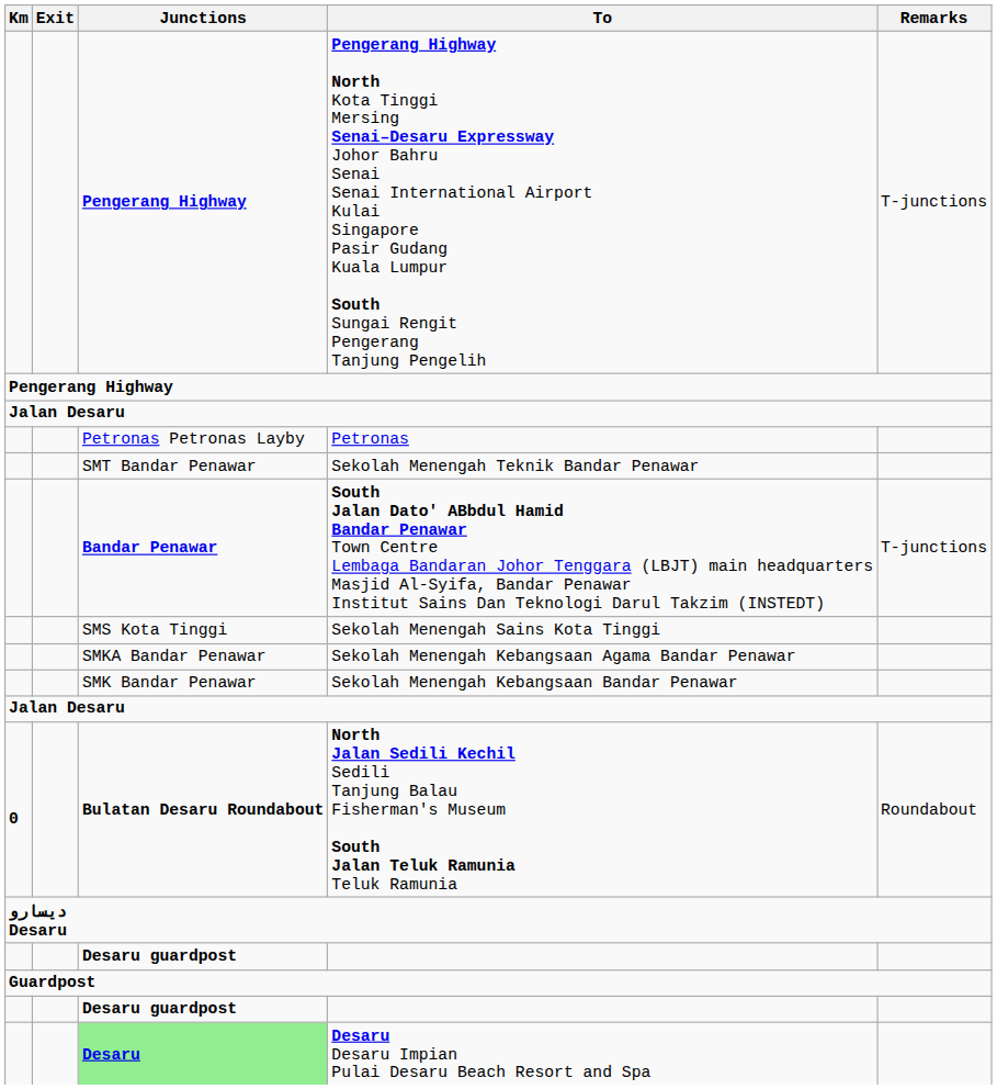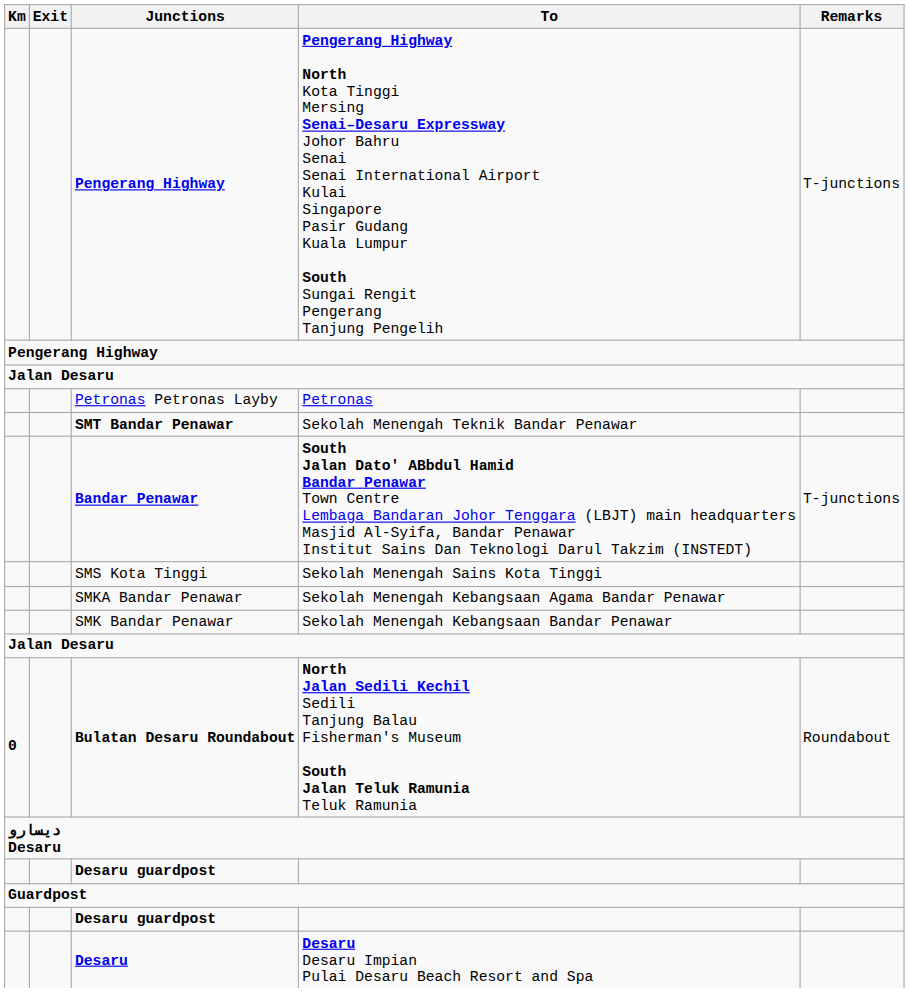 <table class="wikitable">
 <tr>
 <th>Km</th>
 <th>Exit</th>
 <th>Junctions</th>
 <th>To</th>
 <th>Remarks</th>
 </tr>
 <tr>
 <td></td>
 <td></td>
 <td> <strong><a href='#'>Pengerang Highway</a></strong></td>
 <td> <strong><a href='#'>Pengerang Highway</a></strong><br><br><strong>North</strong><br> Kota Tinggi<br>  Mersing<br> <strong><a href='#'>Senai–Desaru Expressway</a></strong><br>  Johor Bahru<br> Senai<br> Senai International Airport <br> Kulai<br>    Singapore<br> Pasir Gudang<br>  Kuala Lumpur<br><br><strong>South</strong><br> Sungai Rengit<br> Pengerang<br> Tanjung Pengelih</td>
 <td>T-junctions</td>
 </tr>
 <tr>
 <td style="width:600px" colspan="6" style="text-align:center; background:blue;"><strong><span> Pengerang Highway</span></strong></td>
 </tr>
 <tr>
 <td style="width:600px" colspan="6" style="text-align:center; background:blue;"><strong><span> Jalan Desaru</span></strong></td>
 </tr>
 <tr>
 <td></td>
 <td></td>
 <td> <a href='#'>Petronas</a> Petronas Layby</td>
 <td>  <a href='#'>Petronas</a></td>
 <td></td>
 </tr>
 <tr>
 <td></td>
 <td></td>
-<td>SMT Bandar Penawar</td>
+<td><strong>SMT Bandar Penawar</strong></td>
 <td>Sekolah Menengah Teknik Bandar Penawar</td>
 <td></td>
 </tr>
 <tr>
 <td></td>
 <td></td>
 <td><strong><a href='#'>Bandar Penawar</a></strong></td>
 <td><strong>South</strong><br><strong>Jalan Dato' ABbdul Hamid</strong><br><strong><a href='#'>Bandar Penawar</a></strong><br>Town Centre<br><a href='#'>Lembaga Bandaran Johor Tenggara</a> (LBJT) main headquarters<br>Masjid Al-Syifa, Bandar Penawar<br>Institut Sains Dan Teknologi Darul Takzim (INSTEDT) </td>
 <td>T-junctions</td>
 </tr>
 <tr>
 <td></td>
 <td></td>
 <td>SMS Kota Tinggi</td>
 <td>Sekolah Menengah Sains Kota Tinggi</td>
 <td></td>
 </tr>
 <tr>
 <td></td>
 <td></td>
 <td>SMKA Bandar Penawar</td>
 <td>Sekolah Menengah Kebangsaan Agama Bandar Penawar</td>
 <td></td>
 </tr>
 <tr>
 <td></td>
 <td></td>
 <td>SMK Bandar Penawar</td>
 <td>Sekolah Menengah Kebangsaan Bandar Penawar</td>
 <td></td>
 </tr>
 <tr>
 <td style="width:600px" colspan="6" style="text-align:center; background:blue;"><strong><span> Jalan Desaru</span></strong></td>
 </tr>
 <tr>
 <td><br><strong>0</strong></td>
 <td></td>
 <td><strong>Bulatan Desaru Roundabout</strong></td>
 <td><strong>North</strong><br> <strong><a href='#'>Jalan Sedili Kechil</a></strong><br>Sedili<br>Tanjung Balau<br>Fisherman's Museum<br><br><strong>South</strong><br> <strong>Jalan Teluk Ramunia</strong><br>Teluk Ramunia</td>
 <td>Roundabout</td>
 </tr>
 <tr>
 <td style="width:600px" colspan="6" style="text-align:center; background:white;"><strong><span>ديسارو<br>Desaru</span></strong></td>
 </tr>
 <tr>
 <td></td>
 <td></td>
 <td><strong>Desaru guardpost</strong></td>
 <td></td>
 <td></td>
 </tr>
 <tr>
 <td style="width:600px" colspan="6" style="text-align:center; background:red;"><strong><span>Guardpost</span></strong></td>
 </tr>
 <tr>
 <td></td>
 <td></td>
 <td><strong>Desaru guardpost</strong></td>
 <td></td>
 <td></td>
 </tr>
 <tr>
 <td></td>
 <td></td>
-<td style="background: lightgreen;"><strong><a href='#'>Desaru</a></strong></td>
+<td><strong><a href='#'>Desaru</a></strong></td>
 <td><strong><a href='#'>Desaru</a></strong><br>Desaru Impian<br>Pulai Desaru Beach Resort and Spa<br>  </td>
 <td></td>
 </tr>
 </table>
